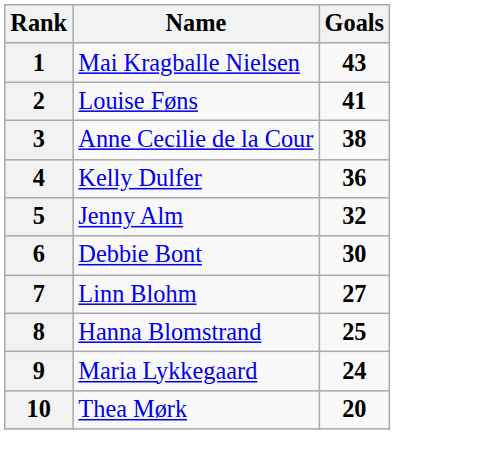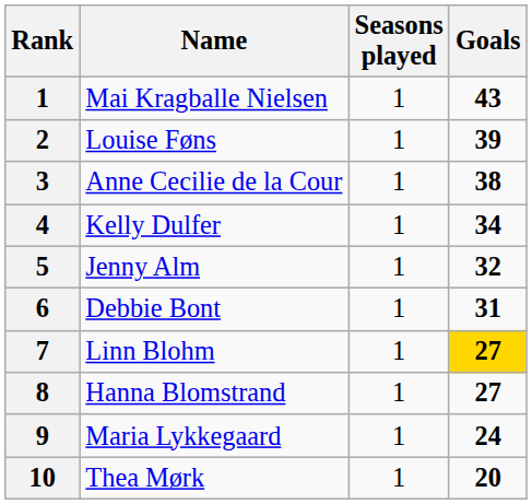 <table class="wikitable" style="text-align: center;">
 <tr>
 <th>Rank</th>
 <th class="unsortable">Name</th>
+<th>Seasons<br>played</th>
 <th>Goals</th>
 </tr>
 <tr>
 <th rowspan="1">1</th>
 <td style="text-align: left;"> <a href='#'>Mai Kragballe Nielsen</a></td>
+<td>1</td>
 <td><strong>43</strong></td>
 </tr>
 <tr>
 <th rowspan="1">2</th>
 <td style="text-align: left;"> <a href='#'>Louise Føns</a></td>
-<td><strong>41</strong></td>
+<td>1</td>
+<td><strong>39</strong></td>
 </tr>
 <tr>
 <th rowspan="1">3</th>
 <td style="text-align: left;"> <a href='#'>Anne Cecilie de la Cour</a></td>
+<td>1</td>
 <td><strong>38</strong></td>
 </tr>
 <tr>
 <th rowspan="1">4</th>
 <td style="text-align: left;"> <a href='#'>Kelly Dulfer</a></td>
-<td><strong>36</strong></td>
+<td>1</td>
+<td><strong>34</strong></td>
 </tr>
 <tr>
 <th rowspan="1">5</th>
 <td style="text-align: left;"> <a href='#'>Jenny Alm</a></td>
+<td>1</td>
 <td><strong>32</strong></td>
 </tr>
 <tr>
 <th rowspan="1">6</th>
 <td style="text-align: left;"> <a href='#'>Debbie Bont</a></td>
-<td><strong>30</strong></td>
+<td>1</td>
+<td><strong>31</strong></td>
 </tr>
 <tr>
 <th rowspan="1">7</th>
 <td style="text-align: left;"> <a href='#'>Linn Blohm</a></td>
-<td><strong>27</strong></td>
+<td>1</td>
+<td style="background: gold;"><strong>27</strong></td>
 </tr>
 <tr>
 <th rowspan="1">8</th>
 <td style="text-align: left;"> <a href='#'>Hanna Blomstrand</a></td>
-<td><strong>25</strong></td>
+<td>1</td>
+<td><strong>27</strong></td>
 </tr>
 <tr>
 <th rowspan="1">9</th>
 <td style="text-align: left;"> <a href='#'>Maria Lykkegaard</a></td>
+<td>1</td>
 <td><strong>24</strong></td>
 </tr>
 <tr>
 <th rowspan="1">10</th>
 <td style="text-align: left;"> <a href='#'>Thea Mørk</a></td>
+<td>1</td>
 <td><strong>20</strong></td>
 </tr>
 </table>
